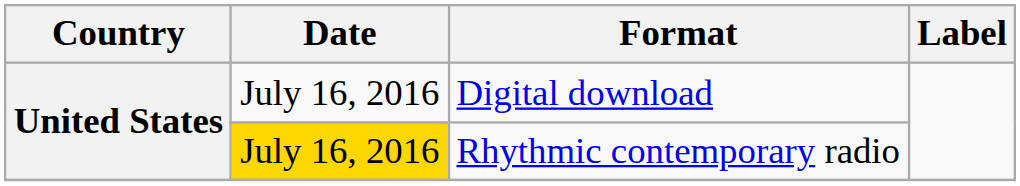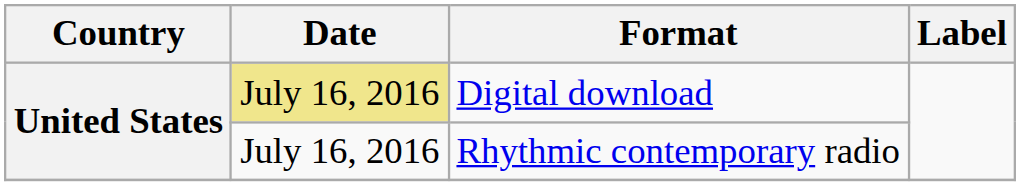 <table class="wikitable plainrowheaders">
 <tr>
 <th scope="col">Country</th>
 <th scope="col">Date</th>
 <th scope="col">Format</th>
 <th scope="col">Label</th>
 </tr>
 <tr>
 <th scope="row" rowspan="2">United States</th>
-<td>July 16, 2016</td>
+<td style="background: khaki;">July 16, 2016</td>
 <td><a href='#'>Digital download</a></td>
 <td rowspan="2"></td>
 </tr>
 <tr>
-<td style="background: gold;">July 16, 2016</td>
+<td>July 16, 2016</td>
 <td><a href='#'>Rhythmic contemporary</a> radio</td>
 </tr>
 <tr>
 </tr>
 </table>
